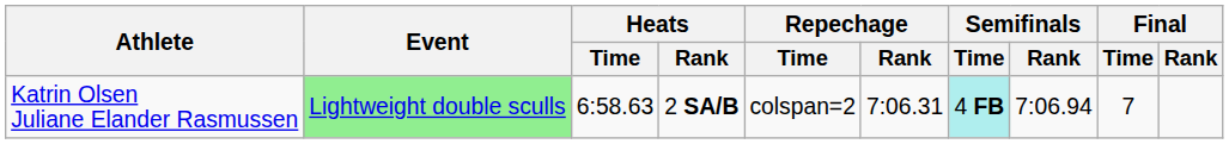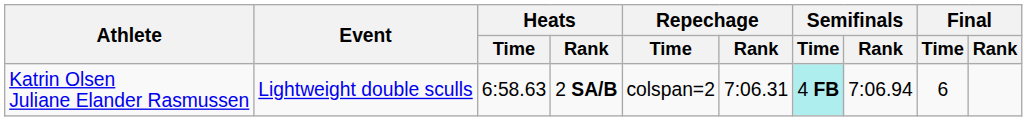 <table class="wikitable" style="font-size:90%">
 <tr>
 <th rowspan="2">Athlete</th>
 <th rowspan="2">Event</th>
 <th colspan="2">Heats</th>
 <th colspan="2">Repechage</th>
 <th colspan="2">Semifinals</th>
 <th colspan="2">Final</th>
 </tr>
 <tr style="font-size:95%">
 <th>Time</th>
 <th>Rank</th>
 <th>Time</th>
 <th>Rank</th>
 <th>Time</th>
 <th>Rank</th>
 <th>Time</th>
 <th>Rank</th>
 </tr>
 <tr align=center>
 <td align=left><a href='#'>Katrin Olsen</a><br><a href='#'>Juliane Elander Rasmussen</a></td>
-<td align=left style="background: lightgreen;"><a href='#'>Lightweight double sculls</a></td>
+<td align=left><a href='#'>Lightweight double sculls</a></td>
 <td>6:58.63</td>
 <td>2 <strong>SA/B</strong></td>
 <td>colspan=2 </td>
 <td>7:06.31</td>
 <td style="background: paleturquoise;">4 <strong>FB</strong></td>
 <td>7:06.94</td>
-<td>7</td>
+<td>6</td>
 </tr>
 </table>
